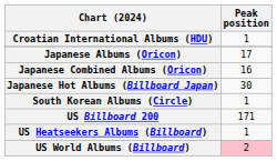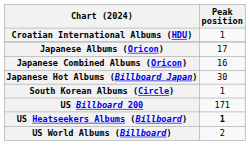 <table class="wikitable sortable plainrowheaders" style="text-align:center;">
 <tr>
 <th scope="col">Chart (2024)</th>
 <th scope="col">Peak<br>position</th>
 </tr>
 <tr>
 <th scope="row">Croatian International Albums (<a href='#'>HDU</a>)</th>
 <td>1</td>
 </tr>
 <tr>
 </tr>
 <tr>
 <th scope="row">Japanese Albums (<a href='#'>Oricon</a>)</th>
 <td>17</td>
 </tr>
 <tr>
 <th scope="row">Japanese Combined Albums (<a href='#'>Oricon</a>)</th>
 <td>16</td>
 </tr>
 <tr>
 <th scope="row">Japanese Hot Albums (<em><a href='#'>Billboard Japan</a></em>)</th>
 <td>30</td>
 </tr>
 <tr>
 <th scope="row">South Korean Albums (<a href='#'>Circle</a>)</th>
 <td>1</td>
 </tr>
 <tr>
 <th scope="row">US <a href='#'><em>Billboard</em> 200</a></th>
 <td>171</td>
 </tr>
 <tr>
 <th scope="row">US <a href='#'>Heatseekers Albums</a> (<em><a href='#'>Billboard</a></em>)</th>
-<td>1</td>
+<td><strong>1</strong></td>
 </tr>
 <tr>
 <th scope="row">US World Albums (<em><a href='#'>Billboard</a></em>)</th>
-<td style="background: pink;">2</td>
+<td>2</td>
 </tr>
 </table>
